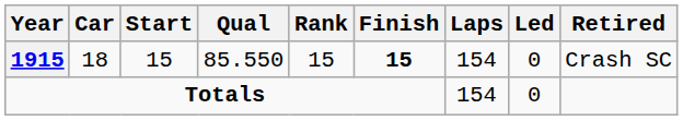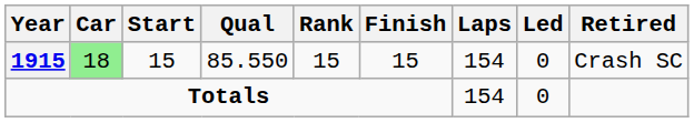 <table class="wikitable" style="text-align:center">
 <tr>
 <th>Year</th>
 <th>Car</th>
 <th>Start</th>
 <th>Qual</th>
 <th>Rank</th>
 <th>Finish</th>
 <th>Laps</th>
 <th>Led</th>
 <th>Retired</th>
 </tr>
 <tr>
 <th><a href='#'>1915</a></th>
-<td>18</td>
+<td style="background: lightgreen;">18</td>
 <td>15</td>
 <td>85.550</td>
 <td>15</td>
-<td><strong>15</strong></td>
+<td>15</td>
 <td>154</td>
 <td>0</td>
 <td>Crash SC</td>
 </tr>
 <tr>
 <td colspan=6><strong>Totals</strong></td>
 <td>154</td>
 <td>0</td>
 <td></td>
 </tr>
 </table>
